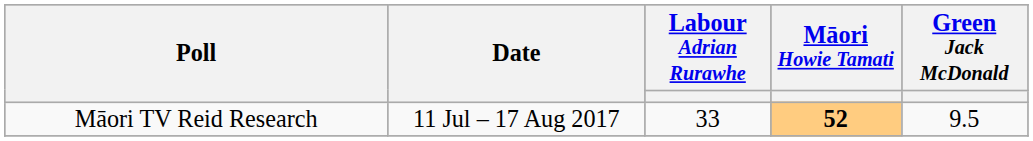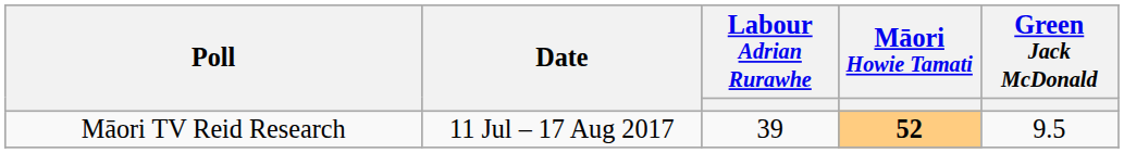 <table class="wikitable" style="font-size:90%; line-height:14px; text-align:center">
 <tr>
 <th style="width:240px;" rowspan="2">Poll</th>
 <th style="width:160px;" rowspan="2">Date </th>
 <th style="width:70px;" r bgcolor=><a href='#'>Labour</a><br><small><em><a href='#'>Adrian Rurawhe</a></em></small></th>
 <th style="width:75px;"  bgcolor=><a href='#'>Māori</a><br><small><em><a href='#'>Howie Tamati</a></em></small></th>
 <th style="width:70px;" r bgcolor=><a href='#'>Green</a><br><small><em>Jack McDonald</em></small></th>
 </tr>
 <tr>
 <th class="unsortable" style="color:inherit;background:"></th>
 <th class="unsortable" style="color:inherit;background:"></th>
 <th class="unsortable" style="color:inherit;background:"></th>
 </tr>
 <tr>
 <td>Māori TV Reid Research</td>
 <td>11 Jul – 17 Aug 2017</td>
-<td>33</td>
+<td>39</td>
 <td bgcolor=#FFCC80><strong>52</strong></td>
 <td>9.5</td>
 </tr>
 </table>
